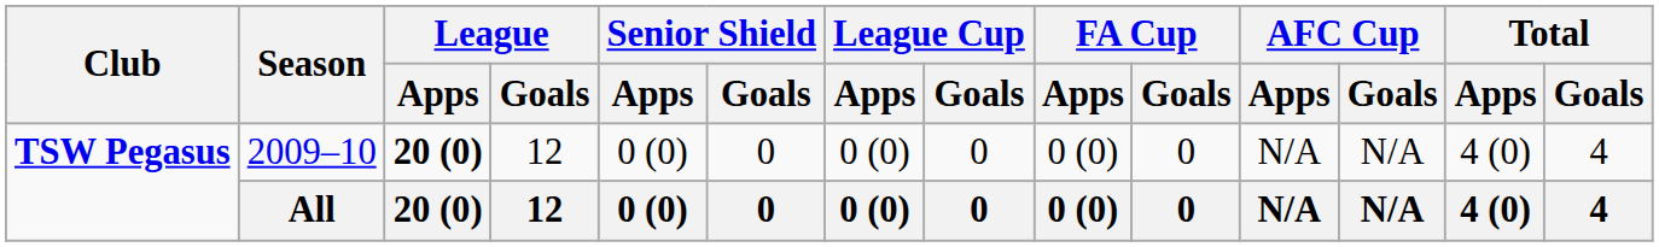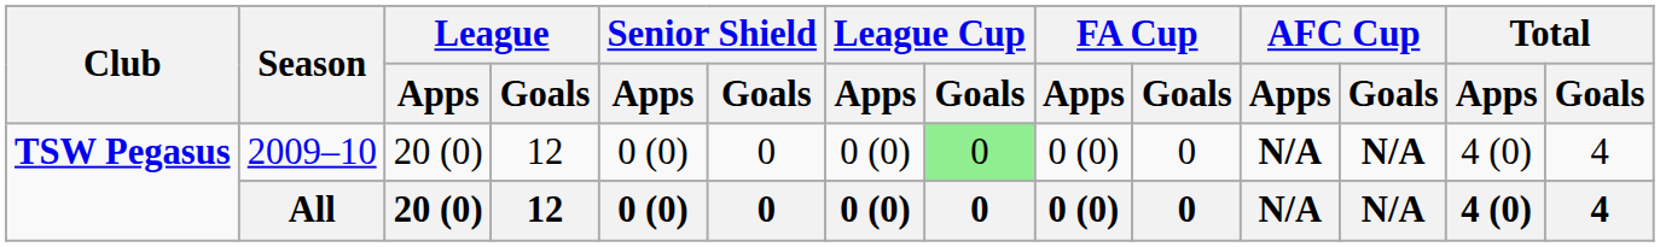 <table class="wikitable" style="text-align: center;">
 <tr>
 <th rowspan=2>Club</th>
 <th rowspan=2>Season</th>
 <th colspan=2><a href='#'>League</a></th>
 <th colspan=2><a href='#'>Senior Shield</a></th>
 <th colspan=2><a href='#'>League Cup</a></th>
 <th colspan=2><a href='#'>FA Cup</a></th>
 <th colspan=2><a href='#'>AFC Cup</a></th>
 <th colspan=2>Total</th>
 </tr>
 <tr>
 <th>Apps</th>
 <th>Goals</th>
 <th>Apps</th>
 <th>Goals</th>
 <th>Apps</th>
 <th>Goals</th>
 <th>Apps</th>
 <th>Goals</th>
 <th>Apps</th>
 <th>Goals</th>
 <th>Apps</th>
 <th>Goals</th>
 </tr>
 <tr>
 <td rowspan=6 valign="top"><strong><a href='#'>TSW Pegasus</a></strong></td>
 <td><a href='#'>2009–10</a></td>
-<td><strong>20 (0)</strong></td>
+<td>20 (0)</td>
 <td>12</td>
 <td>0 (0)</td>
 <td>0</td>
 <td>0 (0)</td>
-<td>0</td>
+<td style="background: lightgreen;">0</td>
 <td>0 (0)</td>
 <td>0</td>
-<td>N/A</td>
-<td>N/A</td>
+<td><strong>N/A</strong></td>
+<td><strong>N/A</strong></td>
 <td>4 (0)</td>
 <td>4</td>
 </tr>
 <tr>
 <th>All</th>
 <th>20 (0)</th>
 <th>12</th>
 <th>0 (0)</th>
 <th>0</th>
 <th>0 (0)</th>
 <th>0</th>
 <th>0 (0)</th>
 <th>0</th>
 <th>N/A</th>
 <th>N/A</th>
 <th>4 (0)</th>
 <th>4</th>
 </tr>
 </table>
